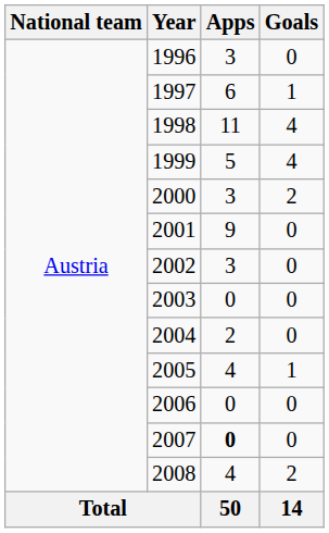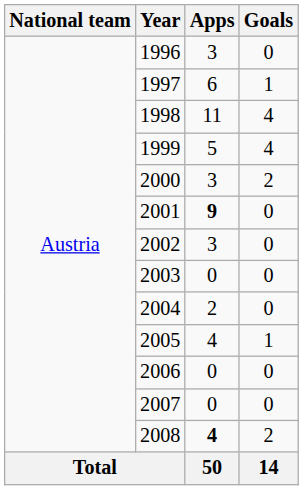 <table class="wikitable" style="text-align:center">
 <tr>
 <th>National team</th>
 <th>Year</th>
 <th>Apps</th>
 <th>Goals</th>
 </tr>
 <tr>
 <td rowspan="13"><a href='#'>Austria</a></td>
 <td>1996</td>
 <td>3</td>
 <td>0</td>
 </tr>
 <tr>
 <td>1997</td>
 <td>6</td>
 <td>1</td>
 </tr>
 <tr>
 <td>1998</td>
 <td>11</td>
 <td>4</td>
 </tr>
 <tr>
 <td>1999</td>
 <td>5</td>
 <td>4</td>
 </tr>
 <tr>
 <td>2000</td>
 <td>3</td>
 <td>2</td>
 </tr>
 <tr>
 <td>2001</td>
-<td>9</td>
+<td><strong>9</strong></td>
 <td>0</td>
 </tr>
 <tr>
 <td>2002</td>
 <td>3</td>
 <td>0</td>
 </tr>
 <tr>
 <td>2003</td>
 <td>0</td>
 <td>0</td>
 </tr>
 <tr>
 <td>2004</td>
 <td>2</td>
 <td>0</td>
 </tr>
 <tr>
 <td>2005</td>
 <td>4</td>
 <td>1</td>
 </tr>
 <tr>
 <td>2006</td>
 <td>0</td>
 <td>0</td>
 </tr>
 <tr>
 <td>2007</td>
-<td><strong>0</strong></td>
+<td>0</td>
 <td>0</td>
 </tr>
 <tr>
 <td>2008</td>
-<td>4</td>
+<td><strong>4</strong></td>
 <td>2</td>
 </tr>
 <tr>
 <th colspan="2">Total</th>
 <th>50</th>
 <th>14</th>
 </tr>
 </table>
